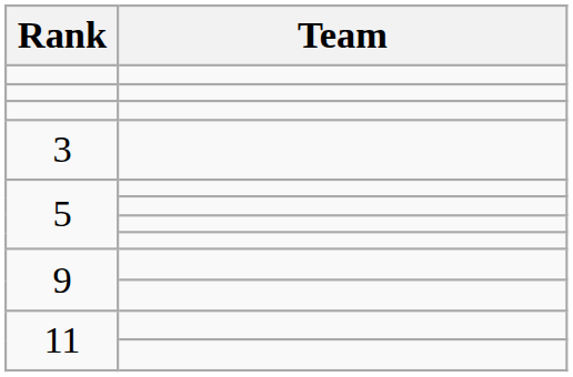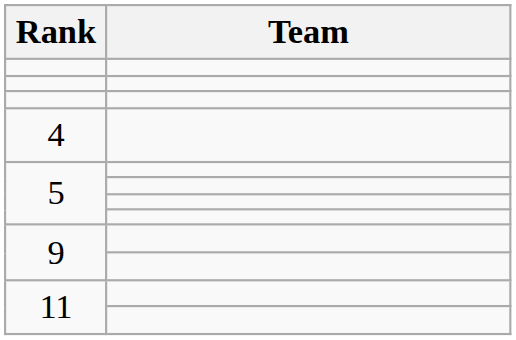 <table class="wikitable" style="text-align:center">
 <tr>
 <th width=40>Rank</th>
 <th width=180>Team</th>
 </tr>
 <tr>
 <td></td>
 <td style="text-align:left"></td>
 </tr>
 <tr>
 <td></td>
 <td style="text-align:left"></td>
 </tr>
 <tr>
 <td></td>
 <td style="text-align:left"></td>
 </tr>
 <tr>
-<td>3</td>
+<td>4</td>
 <td style="text-align:left"></td>
 </tr>
 <tr>
 <td rowspan=4>5</td>
 <td style="text-align:left"></td>
 </tr>
 <tr>
 <td style="text-align:left"></td>
 </tr>
 <tr>
 <td style="text-align:left"></td>
 </tr>
 <tr>
 <td style="text-align:left"></td>
 </tr>
 <tr>
 <td rowspan=2>9</td>
 <td style="text-align:left"></td>
 </tr>
 <tr>
 <td style="text-align:left"></td>
 </tr>
 <tr>
 <td rowspan=2>11</td>
 <td style="text-align:left"></td>
 </tr>
 <tr>
 <td style="text-align:left"></td>
 </tr>
 </table>
